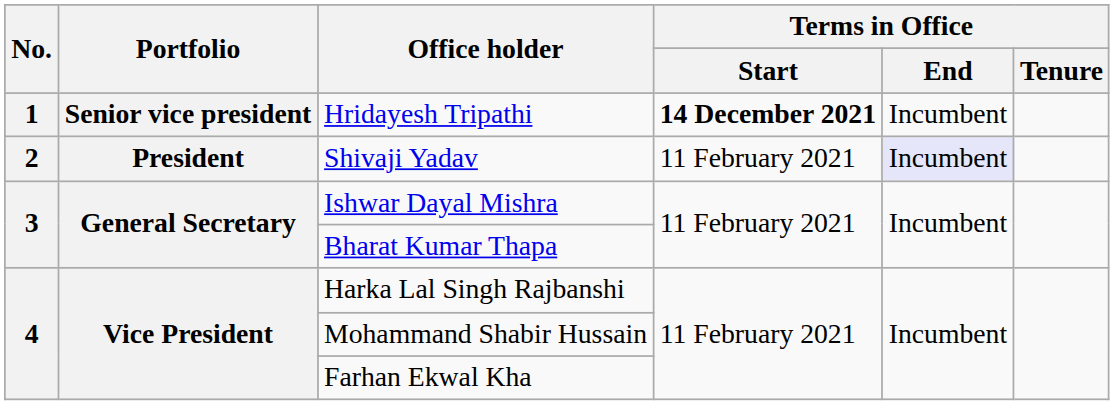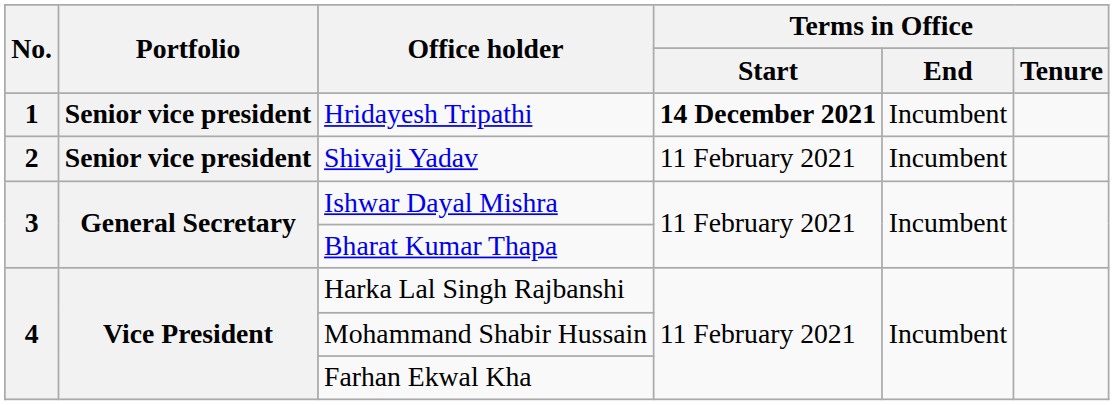 <table class="wikitable">
 <tr>
 <th rowspan="2" style="background-color:">No.</th>
 <th rowspan="2" style="background-color:">Portfolio</th>
 <th rowspan="2" style="background-color:">Office holder</th>
 <th colspan="3" style="background-color:">Terms in Office</th>
 </tr>
 <tr>
 <th style="background-color:">Start</th>
 <th style="background-color:">End</th>
 <th style="background-color:">Tenure</th>
 </tr>
 <tr>
 <th>1</th>
 <th>Senior vice president</th>
 <td><a href='#'>Hridayesh Tripathi</a></td>
 <td><strong>14 December 2021</strong></td>
 <td>Incumbent</td>
 <td></td>
 </tr>
 <tr>
 <th>2</th>
-<th>President</th>
+<th>Senior vice president</th>
 <td><a href='#'>Shivaji Yadav</a></td>
 <td>11 February 2021</td>
-<td style="background: lavender;">Incumbent</td>
+<td>Incumbent</td>
 <td></td>
 </tr>
 <tr>
 <th rowspan="2">3</th>
 <th rowspan="2">General Secretary</th>
 <td><a href='#'>Ishwar Dayal Mishra</a></td>
 <td rowspan="2">11 February 2021</td>
 <td rowspan="2">Incumbent</td>
 <td rowspan="2"></td>
 </tr>
 <tr>
 <td><a href='#'>Bharat Kumar Thapa</a></td>
 </tr>
 <tr>
 <th rowspan="3">4</th>
 <th rowspan="3">Vice President</th>
 <td>Harka Lal Singh Rajbanshi</td>
 <td rowspan="3">11 February 2021</td>
 <td rowspan="3">Incumbent</td>
 <td rowspan="3"></td>
 </tr>
 <tr>
 <td>Mohammand Shabir Hussain</td>
 </tr>
 <tr>
 <td>Farhan Ekwal Kha</td>
 </tr>
 </table>
